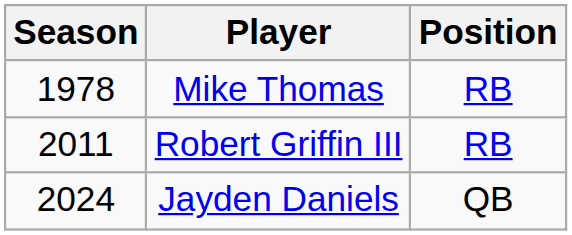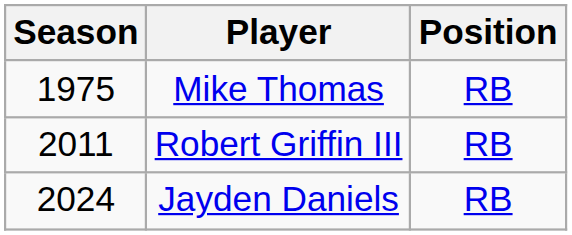 <table class="wikitable" style="text-align:center">
 <tr>
 <th>Season</th>
 <th>Player</th>
 <th>Position</th>
 </tr>
 <tr>
-<td>1978</td>
+<td>1975</td>
 <td><a href='#'>Mike Thomas</a></td>
 <td><a href='#'>RB</a></td>
 </tr>
 <tr>
 <td>2011</td>
 <td><a href='#'>Robert Griffin III</a></td>
 <td><a href='#'>RB</a></td>
 </tr>
 <tr>
 <td>2024</td>
 <td><a href='#'>Jayden Daniels</a></td>
-<td>QB</td>
+<td><a href='#'>RB</a></td>
 </tr>
 </table>
